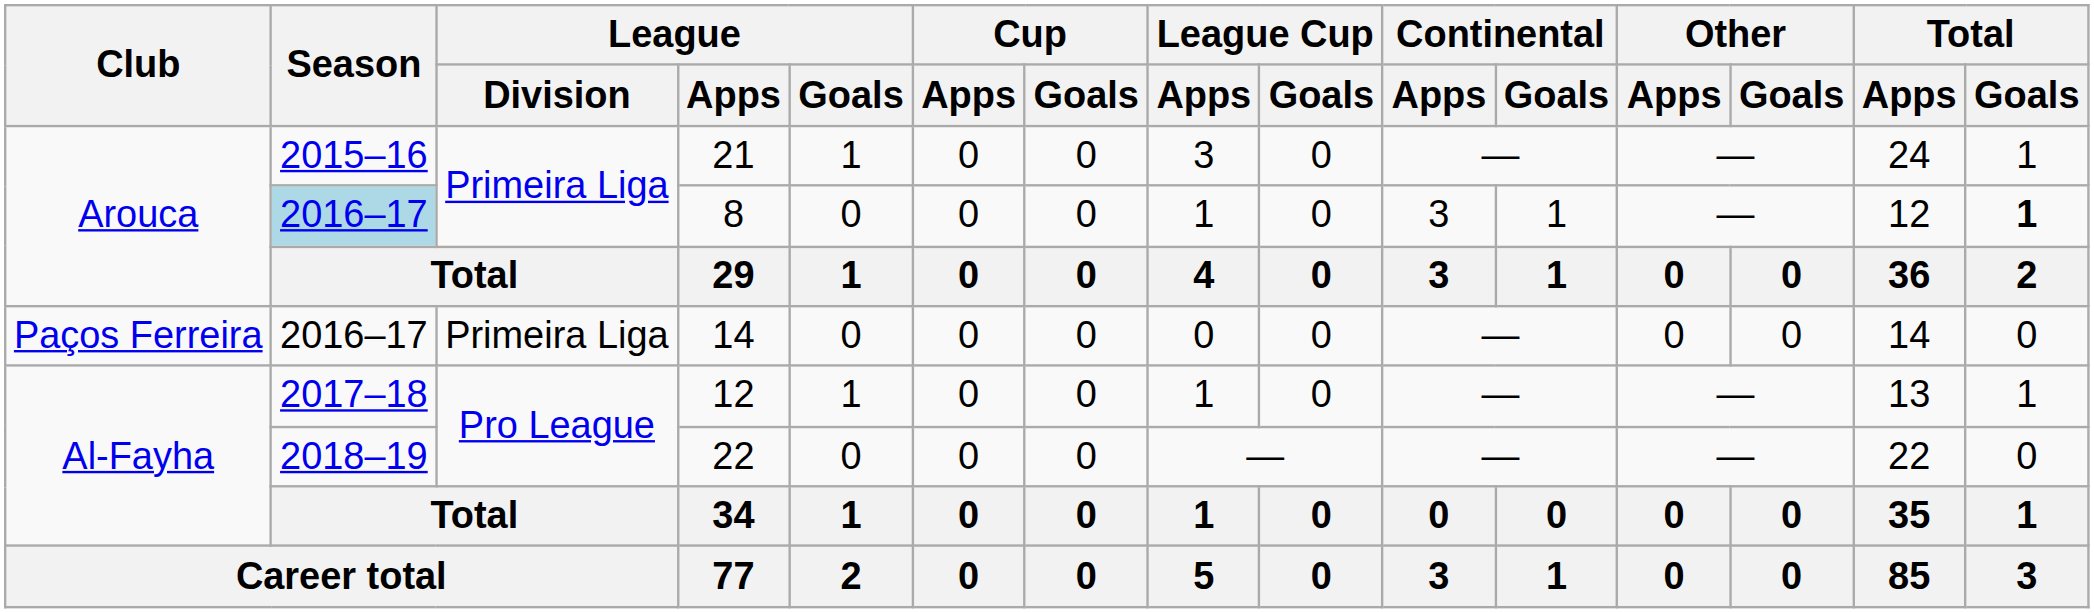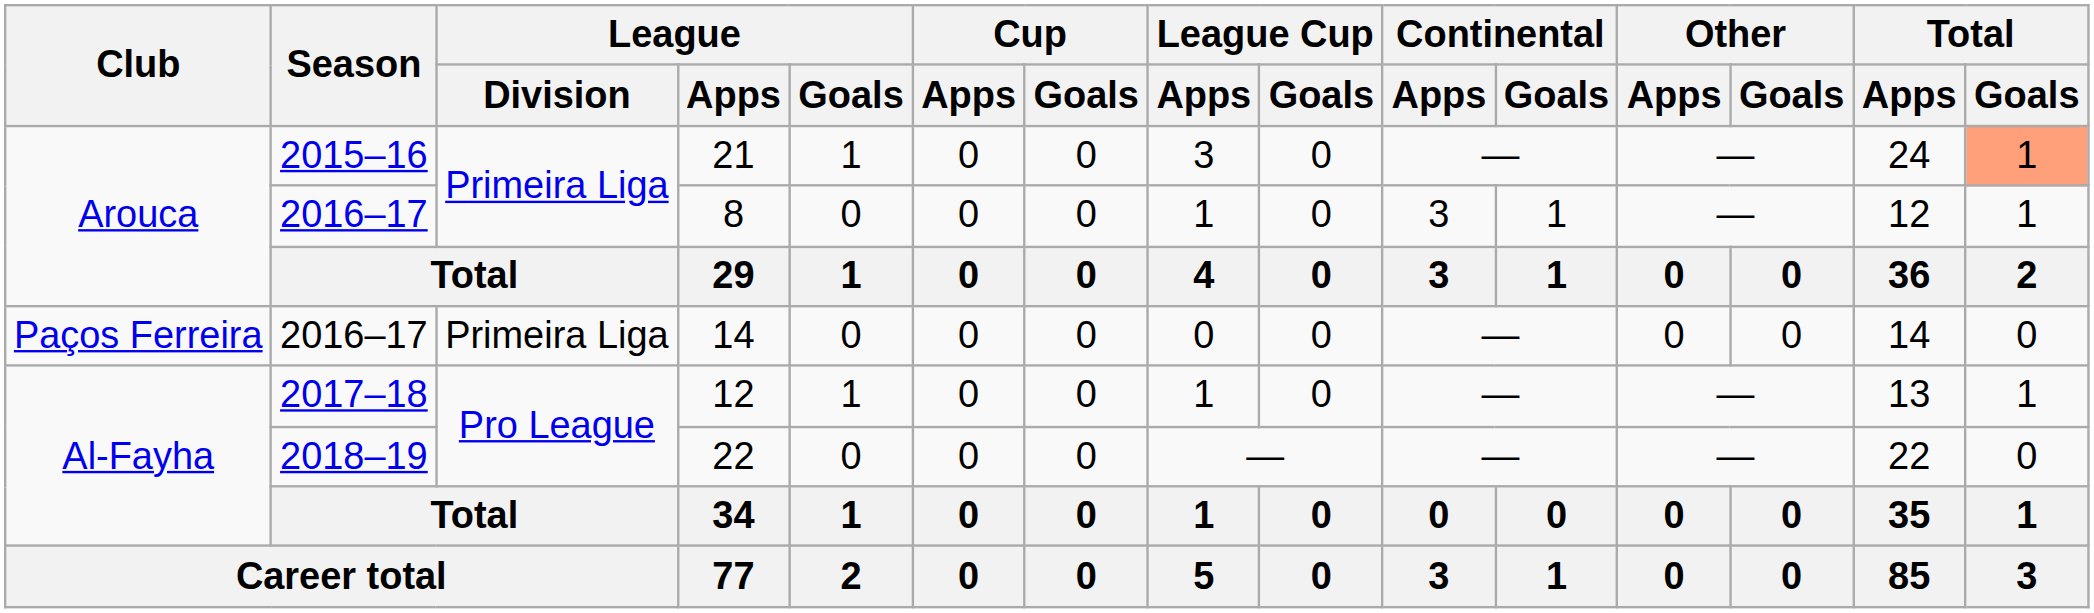 <table class="wikitable" style="text-align:center">
 <tr>
 <th rowspan="2">Club</th>
 <th rowspan="2">Season</th>
 <th colspan="3">League</th>
 <th colspan="2">Cup</th>
 <th colspan="2">League Cup</th>
 <th colspan="2">Continental</th>
 <th colspan="2">Other</th>
 <th colspan="2">Total</th>
 </tr>
 <tr>
 <th>Division</th>
 <th>Apps</th>
 <th>Goals</th>
 <th>Apps</th>
 <th>Goals</th>
 <th>Apps</th>
 <th>Goals</th>
 <th>Apps</th>
 <th>Goals</th>
 <th>Apps</th>
 <th>Goals</th>
 <th>Apps</th>
 <th>Goals</th>
 </tr>
 <tr>
 <td rowspan="3"><a href='#'>Arouca</a></td>
 <td><a href='#'>2015–16</a></td>
 <td rowspan="2"><a href='#'>Primeira Liga</a></td>
 <td>21</td>
 <td>1</td>
 <td>0</td>
 <td>0</td>
 <td>3</td>
 <td>0</td>
 <td colspan="2">—</td>
 <td colspan="2">—</td>
 <td>24</td>
-<td>1</td>
+<td style="background: lightsalmon;">1</td>
 </tr>
 <tr>
-<td style="background: lightblue;"><a href='#'>2016–17</a></td>
+<td><a href='#'>2016–17</a></td>
 <td>8</td>
 <td>0</td>
 <td>0</td>
 <td>0</td>
 <td>1</td>
 <td>0</td>
 <td>3</td>
 <td>1</td>
 <td colspan="2">—</td>
 <td>12</td>
-<td><strong>1</strong></td>
+<td>1</td>
 </tr>
 <tr>
 <th colspan="2">Total</th>
 <th>29</th>
 <th>1</th>
 <th>0</th>
 <th>0</th>
 <th>4</th>
 <th>0</th>
 <th>3</th>
 <th>1</th>
 <th>0</th>
 <th>0</th>
 <th>36</th>
 <th>2</th>
 </tr>
 <tr>
 <td rowspan="1"><a href='#'>Paços Ferreira</a></td>
 <td>2016–17</td>
 <td rowspan="1">Primeira Liga</td>
 <td>14</td>
 <td>0</td>
 <td>0</td>
 <td>0</td>
 <td>0</td>
 <td>0</td>
 <td colspan="2">—</td>
 <td>0</td>
 <td>0</td>
 <td>14</td>
 <td>0</td>
 </tr>
 <tr>
 <td rowspan="3"><a href='#'>Al-Fayha</a></td>
 <td><a href='#'>2017–18</a></td>
 <td rowspan="2"><a href='#'>Pro League</a></td>
 <td>12</td>
 <td>1</td>
 <td>0</td>
 <td>0</td>
 <td>1</td>
 <td>0</td>
 <td colspan="2">—</td>
 <td colspan="2">—</td>
 <td>13</td>
 <td>1</td>
 </tr>
 <tr>
 <td><a href='#'>2018–19</a></td>
 <td>22</td>
 <td>0</td>
 <td>0</td>
 <td>0</td>
 <td colspan="2">—</td>
 <td colspan="2">—</td>
 <td colspan="2">—</td>
 <td>22</td>
 <td>0</td>
 </tr>
 <tr>
 <th colspan="2">Total</th>
 <th>34</th>
 <th>1</th>
 <th>0</th>
 <th>0</th>
 <th>1</th>
 <th>0</th>
 <th>0</th>
 <th>0</th>
 <th>0</th>
 <th>0</th>
 <th>35</th>
 <th>1</th>
 </tr>
 <tr>
 <th colspan="3">Career total</th>
 <th>77</th>
 <th>2</th>
 <th>0</th>
 <th>0</th>
 <th>5</th>
 <th>0</th>
 <th>3</th>
 <th>1</th>
 <th>0</th>
 <th>0</th>
 <th>85</th>
 <th>3</th>
 </tr>
 </table>
